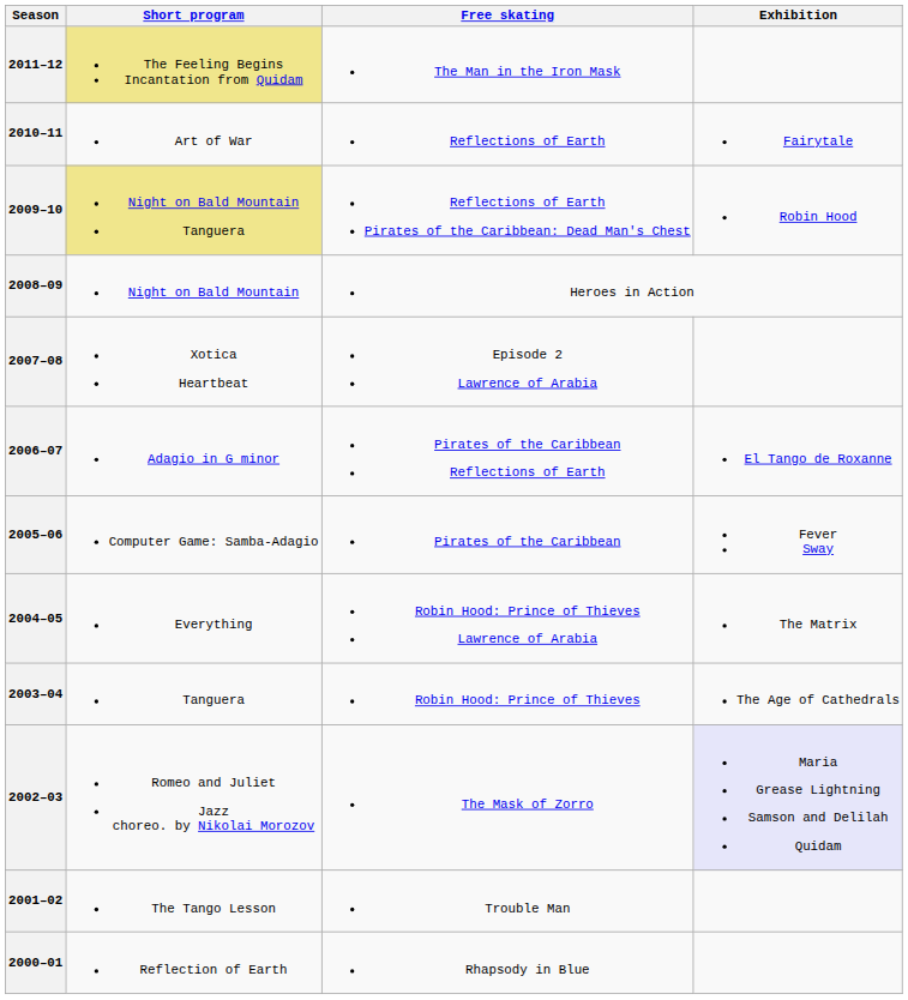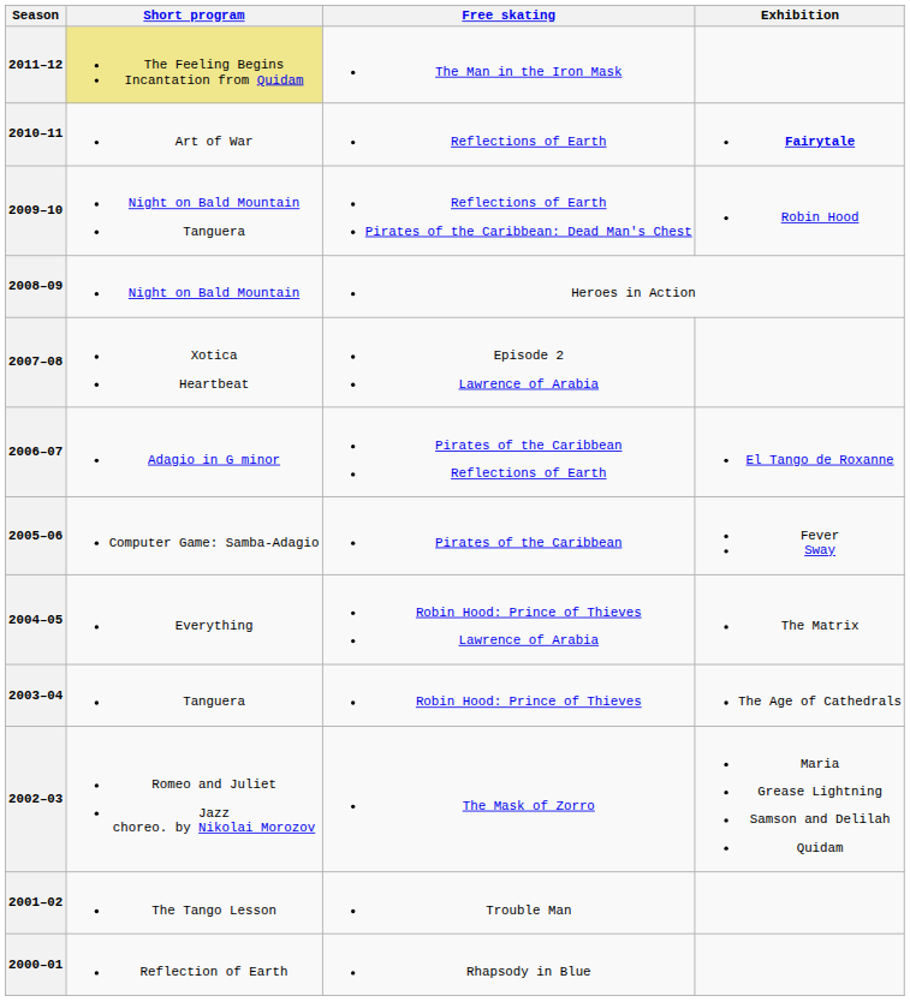 <table class="wikitable" style="text-align:center">
 <tr>
 <th>Season</th>
 <th><a href='#'>Short program</a></th>
 <th><a href='#'>Free skating</a></th>
 <th>Exhibition</th>
 </tr>
 <tr>
 <th>2011–12 <br> </th>
 <td style="background: khaki;"><br><ul><li>The Feeling Begins <br></li><li>Incantation from <a href='#'>Quidam</a> <br></li></ul></td>
 <td><br><ul><li><a href='#'>The Man in the Iron Mask</a> <br></li></ul></td>
 <td></td>
 </tr>
 <tr>
 <th>2010–11 <br> </th>
 <td><br><ul><li>Art of War <br></li></ul></td>
 <td><br><ul><li><a href='#'>Reflections of Earth</a> <br></li></ul></td>
-<td><br><ul><li><a href='#'>Fairytale</a> <br></li></ul></td>
+<td><strong><br><ul><li><a href='#'>Fairytale</a> <br></li></ul></strong></td>
 </tr>
 <tr>
 <th>2009–10 <br> </th>
-<td style="background: khaki;"><br><ul><li><a href='#'>Night on Bald Mountain</a> <br></li></ul><ul><li>Tanguera <br></li></ul></td>
+<td><br><ul><li><a href='#'>Night on Bald Mountain</a> <br></li></ul><ul><li>Tanguera <br></li></ul></td>
 <td><br><ul><li><a href='#'>Reflections of Earth</a> <br></li></ul><ul><li><a href='#'>Pirates of the Caribbean: Dead Man's Chest</a> <br></li></ul></td>
 <td><br><ul><li><a href='#'>Robin Hood</a></li></ul></td>
 </tr>
 <tr>
 <th>2008–09 <br> </th>
 <td><br><ul><li><a href='#'>Night on Bald Mountain</a> <br></li></ul></td>
 <td colspan=2><br><ul><li>Heroes in Action <br></li></ul></td>
 </tr>
 <tr>
 <th>2007–08 <br> </th>
 <td><br><ul><li>Xotica <br></li></ul><ul><li>Heartbeat <br></li></ul></td>
 <td><br><ul><li>Episode 2 <br></li></ul><ul><li><a href='#'>Lawrence of Arabia</a> <br></li></ul></td>
 <td></td>
 </tr>
 <tr>
 <th>2006–07 <br> </th>
 <td><br><ul><li><a href='#'>Adagio in G minor</a> <br></li></ul></td>
 <td><br><ul><li><a href='#'>Pirates of the Caribbean</a> <br></li></ul><ul><li><a href='#'>Reflections of Earth</a> <br></li></ul></td>
 <td><br><ul><li><a href='#'>El Tango de Roxanne</a> <br></li></ul></td>
 </tr>
 <tr>
 <th>2005–06 <br> </th>
 <td><br><ul><li>Computer Game: Samba-Adagio <br></li></ul></td>
 <td><br><ul><li><a href='#'>Pirates of the Caribbean</a> <br></li></ul></td>
 <td><br><ul><li>Fever</li><li><a href='#'>Sway</a> <br></li></ul></td>
 </tr>
 <tr>
 <th>2004–05 <br> </th>
 <td><br><ul><li>Everything <br></li></ul></td>
 <td><br><ul><li><a href='#'>Robin Hood: Prince of Thieves</a> <br></li></ul><ul><li><a href='#'>Lawrence of Arabia</a> <br></li></ul></td>
 <td><br><ul><li>The Matrix</li></ul></td>
 </tr>
 <tr>
 <th>2003–04 <br> </th>
 <td><br><ul><li>Tanguera <br></li></ul></td>
 <td><br><ul><li><a href='#'>Robin Hood: Prince of Thieves</a> <br></li></ul></td>
 <td><br><ul><li>The Age of Cathedrals <br></li></ul></td>
 </tr>
 <tr>
 <th>2002–03 <br> </th>
 <td><br><ul><li>Romeo and Juliet <br></li></ul><ul><li>Jazz <br> choreo. by <a href='#'>Nikolai Morozov</a></li></ul></td>
 <td><br><ul><li><a href='#'>The Mask of Zorro</a> <br></li></ul></td>
-<td style="background: lavender;"><br><ul><li>Maria <br></li></ul><ul><li>Grease Lightning</li></ul><ul><li>Samson and Delilah</li></ul><ul><li>Quidam <br></li></ul></td>
+<td><br><ul><li>Maria <br></li></ul><ul><li>Grease Lightning</li></ul><ul><li>Samson and Delilah</li></ul><ul><li>Quidam <br></li></ul></td>
 </tr>
 <tr>
 <th>2001–02 <br> </th>
 <td><br><ul><li>The Tango Lesson <br></li></ul></td>
 <td><br><ul><li>Trouble Man <br></li></ul></td>
 <td></td>
 </tr>
 <tr>
 <th>2000–01 <br> </th>
 <td><br><ul><li>Reflection of Earth <br></li></ul></td>
 <td><br><ul><li>Rhapsody in Blue <br></li></ul></td>
 <td></td>
 </tr>
 </table>
